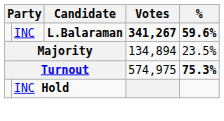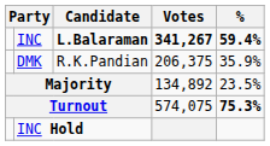 <table class="wikitable sortable">
 <tr>
 <th colspan="2">Party</th>
 <th>Candidate</th>
 <th>Votes</th>
 <th>%</th>
 </tr>
 <tr>
 <td></td>
 <td><a href='#'>INC</a></td>
 <td><strong>L.Balaraman</strong></td>
 <td><strong>341,267</strong></td>
-<td><strong>59.6%</strong></td>
+<td><strong>59.4%</strong></td>
+</tr>
+<tr>
+<td></td>
+<td><a href='#'>DMK</a></td>
+<td>R.K.Pandian</td>
+<td>206,375</td>
+<td>35.9%</td>
 </tr>
 <tr>
 <th colspan="3">Majority</th>
-<td>134,894</td>
+<td>134,892</td>
 <td>23.5%</td>
 </tr>
 <tr>
 <th colspan="3"><a href='#'>Turnout</a></th>
-<td>574,975</td>
+<td>574,075</td>
 <td><strong>75.3%</strong></td>
 </tr>
 <tr>
 <td></td>
 <td colspan="2"><a href='#'>INC</a> <strong>Hold</strong></td>
 <th></th>
 <td></td>
 </tr>
 </table>
